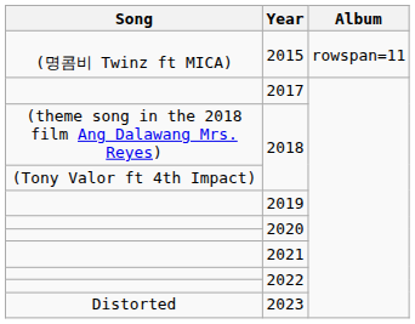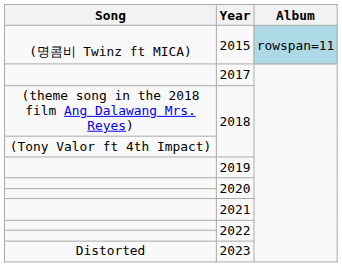 <table class="wikitable plainrowheaders" style="text-align:center;">
 <tr>
 <th scope="col" style="width:16em;">Song</th>
 <th scope="col">Year</th>
 <th scope="col">Album</th>
 </tr>
 <tr>
 <td scope="row"><br><span>(명콤비 Twinz ft MICA)</span></td>
 <td>2015</td>
-<td>rowspan=11 </td>
+<td style="background: lightblue;">rowspan=11 </td>
 </tr>
 <tr>
 <td scope="row"></td>
 <td>2017</td>
 </tr>
 <tr>
 <td scope="row"> (theme song in the 2018 film <a href='#'>Ang Dalawang Mrs. Reyes</a>)</td>
 <td rowspan="2">2018</td>
 </tr>
 <tr>
 <td scope="row"> (Tony Valor ft 4th Impact)</td>
 </tr>
 <tr>
 <td scope="row"></td>
 <td>2019</td>
 </tr>
 <tr>
 <td scope="row"></td>
 <td rowspan="2">2020</td>
 </tr>
 <tr>
 <td></td>
 </tr>
 <tr>
 <td scope="row"></td>
 <td>2021</td>
 </tr>
 <tr>
 <td scope="row"></td>
 <td rowspan="2">2022</td>
 </tr>
 <tr>
 <td scope="row"></td>
 </tr>
 <tr>
 <td scope="row">Distorted</td>
 <td>2023</td>
 </tr>
 </table>
